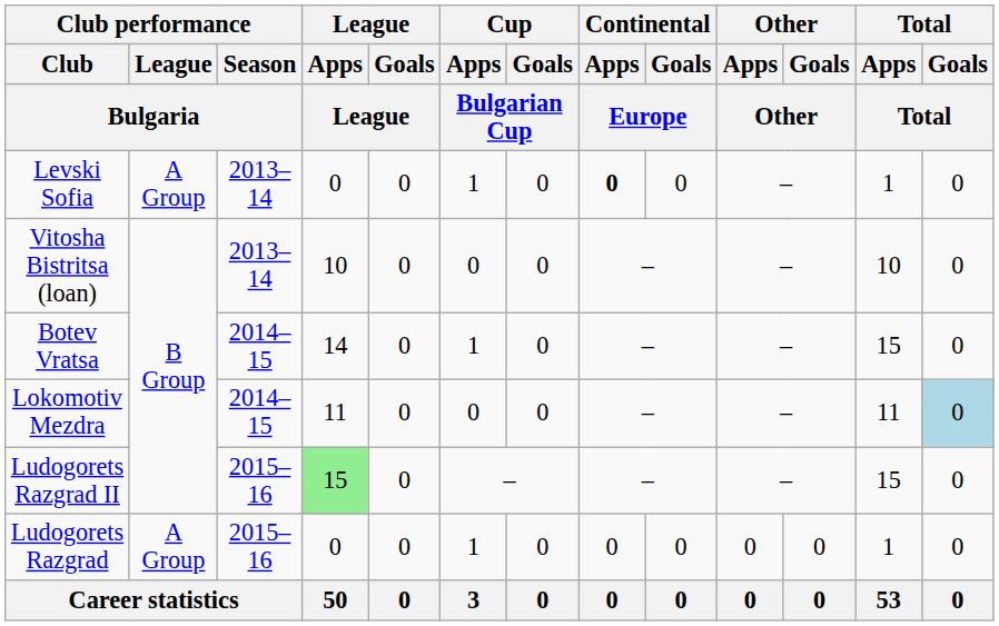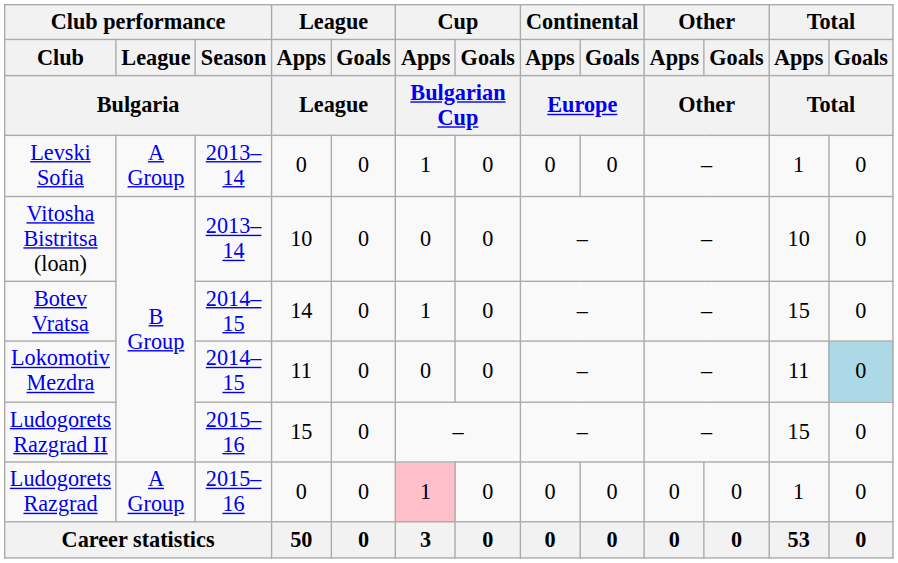 <table class="wikitable" style="text-align: center">
 <tr>
 <th Colspan="3">Club performance</th>
 <th Colspan="2">League</th>
 <th Colspan="2">Cup</th>
 <th Colspan="2">Continental</th>
 <th Colspan="2">Other</th>
 <th Colspan="3">Total</th>
 </tr>
 <tr>
 <th>Club</th>
 <th>League</th>
 <th>Season</th>
 <th>Apps</th>
 <th>Goals</th>
 <th>Apps</th>
 <th>Goals</th>
 <th>Apps</th>
 <th>Goals</th>
 <th>Apps</th>
 <th>Goals</th>
 <th>Apps</th>
 <th>Goals</th>
 </tr>
 <tr>
 <th Colspan="3">Bulgaria</th>
 <th Colspan="2">League</th>
 <th Colspan="2"><a href='#'>Bulgarian Cup</a></th>
 <th Colspan="2"><a href='#'>Europe</a></th>
 <th Colspan="2">Other</th>
 <th Colspan="2">Total</th>
 </tr>
 <tr>
 <td rowspan="1" valign="center"><a href='#'>Levski Sofia</a></td>
 <td rowspan="1"><a href='#'>A Group</a></td>
 <td><a href='#'>2013–14</a></td>
 <td>0</td>
 <td>0</td>
 <td>1</td>
 <td>0</td>
-<td><strong>0</strong></td>
+<td>0</td>
 <td>0</td>
 <td colspan="2">–</td>
 <td>1</td>
 <td>0</td>
 </tr>
 <tr>
 <td rowspan="1" valign="center"><a href='#'>Vitosha Bistritsa</a> (loan)</td>
 <td rowspan="4"><a href='#'>B Group</a></td>
 <td><a href='#'>2013–14</a></td>
 <td>10</td>
 <td>0</td>
 <td>0</td>
 <td>0</td>
 <td colspan="2">–</td>
 <td colspan="2">–</td>
 <td>10</td>
 <td>0</td>
 </tr>
 <tr>
 <td rowspan="1" valign="center"><a href='#'>Botev Vratsa</a></td>
 <td><a href='#'>2014–15</a></td>
 <td>14</td>
 <td>0</td>
 <td>1</td>
 <td>0</td>
 <td colspan="2">–</td>
 <td colspan="2">–</td>
 <td>15</td>
 <td>0</td>
 </tr>
 <tr>
 <td rowspan="1" valign="center"><a href='#'>Lokomotiv Mezdra</a></td>
 <td><a href='#'>2014–15</a></td>
 <td>11</td>
 <td>0</td>
 <td>0</td>
 <td>0</td>
 <td colspan="2">–</td>
 <td colspan="2">–</td>
 <td>11</td>
 <td style="background: lightblue;">0</td>
 </tr>
 <tr>
 <td rowspan="1" valign="center"><a href='#'>Ludogorets Razgrad II</a></td>
 <td><a href='#'>2015–16</a></td>
-<td style="background: lightgreen;">15</td>
+<td>15</td>
 <td>0</td>
 <td colspan="2">–</td>
 <td colspan="2">–</td>
 <td colspan="2">–</td>
 <td>15</td>
 <td>0</td>
 </tr>
 <tr>
 <td rowspan="1" valign="center"><a href='#'>Ludogorets Razgrad</a></td>
 <td rowspan="1"><a href='#'>A Group</a></td>
 <td><a href='#'>2015–16</a></td>
 <td>0</td>
 <td>0</td>
-<td>1</td>
+<td style="background: pink;">1</td>
 <td>0</td>
 <td>0</td>
 <td>0</td>
 <td>0</td>
 <td>0</td>
 <td>1</td>
 <td>0</td>
 </tr>
 <tr>
 <th colspan="3">Career statistics</th>
 <th>50</th>
 <th>0</th>
 <th>3</th>
 <th>0</th>
 <th>0</th>
 <th>0</th>
 <th>0</th>
 <th>0</th>
 <th>53</th>
 <th>0</th>
 </tr>
 </table>
